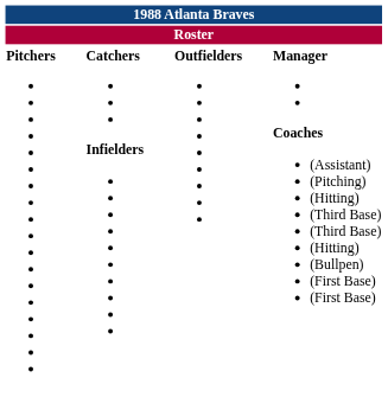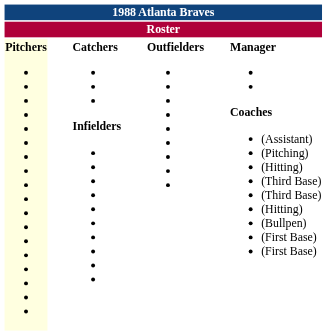 <table class="toccolours" style="font-size: 95%;">
 <tr>
 <th colspan="10" style="background-color: #0f437c; color: #FFFFFF; text-align: center;">1988 Atlanta Braves</th>
 </tr>
 <tr>
 <td colspan="10" style="background-color:#af0039; color: white; text-align: center;"><strong>Roster</strong></td>
 </tr>
 <tr>
-<td valign="top"><strong>Pitchers</strong><br><ul><li></li><li></li><li></li><li></li><li></li><li></li><li></li><li></li><li></li><li></li><li></li><li></li><li></li><li></li><li></li><li></li><li></li><li></li></ul></td>
+<td valign="top" style="background: lightyellow;"><strong>Pitchers</strong><br><ul><li></li><li></li><li></li><li></li><li></li><li></li><li></li><li></li><li></li><li></li><li></li><li></li><li></li><li></li><li></li><li></li><li></li><li></li></ul></td>
 <td width="25px"></td>
 <td valign="top"><strong>Catchers</strong><br><ul><li></li><li></li><li></li></ul><strong>Infielders</strong><ul><li></li><li></li><li></li><li></li><li></li><li></li><li></li><li></li><li></li><li></li></ul></td>
 <td width="25px"></td>
 <td valign="top"><strong>Outfielders</strong><br><ul><li></li><li></li><li></li><li></li><li></li><li></li><li></li><li></li><li></li></ul></td>
 <td width="25px"></td>
 <td valign="top"><strong>Manager</strong><br><ul><li></li><li></li></ul><strong>Coaches</strong><ul><li> (Assistant)</li><li> (Pitching)</li><li> (Hitting)</li><li> (Third Base)</li><li> (Third Base)</li><li> (Hitting)</li><li> (Bullpen)</li><li> (First Base)</li><li> (First Base)</li></ul></td>
 </tr>
 </table>
